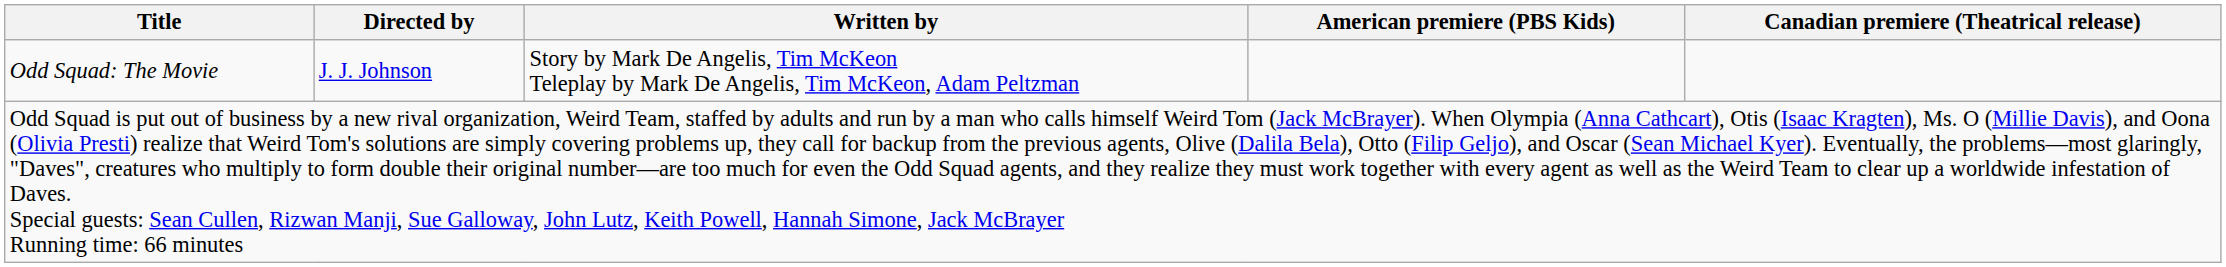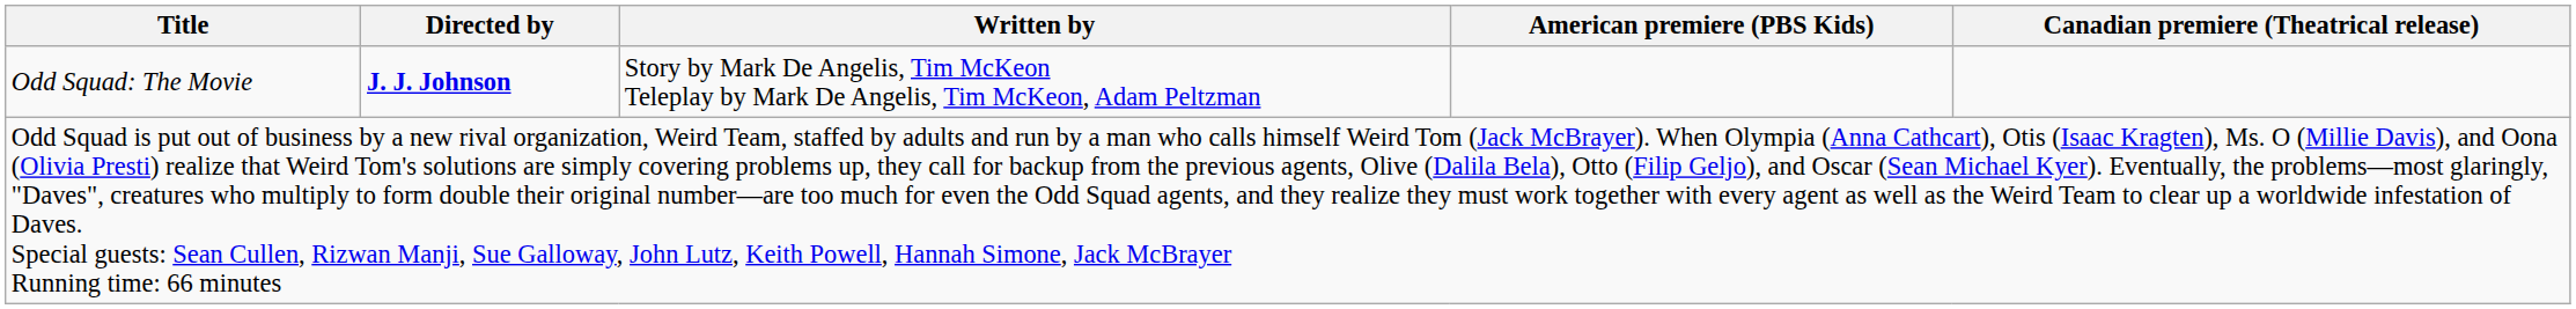 <table class="wikitable" style="width:100%">
 <tr>
 <th>Title</th>
 <th>Directed by</th>
 <th>Written by</th>
 <th>American premiere (PBS Kids)</th>
 <th>Canadian premiere (Theatrical release)</th>
 </tr>
 <tr>
 <td><em>Odd Squad: The Movie</em></td>
-<td><a href='#'>J. J. Johnson</a></td>
+<td><strong><a href='#'>J. J. Johnson</a></strong></td>
 <td>Story by Mark De Angelis, <a href='#'>Tim McKeon</a><br>Teleplay by Mark De Angelis, <a href='#'>Tim McKeon</a>, <a href='#'>Adam Peltzman</a></td>
 <td></td>
 <td></td>
 </tr>
 <tr>
 <td colspan=5>Odd Squad is put out of business by a new rival organization, Weird Team, staffed by adults and run by a man who calls himself Weird Tom (<a href='#'>Jack McBrayer</a>). When Olympia (<a href='#'>Anna Cathcart</a>), Otis (<a href='#'>Isaac Kragten</a>), Ms. O (<a href='#'>Millie Davis</a>), and Oona (<a href='#'>Olivia Presti</a>) realize that Weird Tom's solutions are simply covering problems up, they call for backup from the previous agents, Olive (<a href='#'>Dalila Bela</a>), Otto (<a href='#'>Filip Geljo</a>), and Oscar (<a href='#'>Sean Michael Kyer</a>). Eventually, the problems—most glaringly, "Daves", creatures who multiply to form double their original number—are too much for even the Odd Squad agents, and they realize they must work together with every agent as well as the Weird Team to clear up a worldwide infestation of Daves.<br>Special guests: <a href='#'>Sean Cullen</a>, <a href='#'>Rizwan Manji</a>, <a href='#'>Sue Galloway</a>, <a href='#'>John Lutz</a>, <a href='#'>Keith Powell</a>, <a href='#'>Hannah Simone</a>, <a href='#'>Jack McBrayer</a><br>Running time: 66 minutes</td>
 </tr>
 </table>
